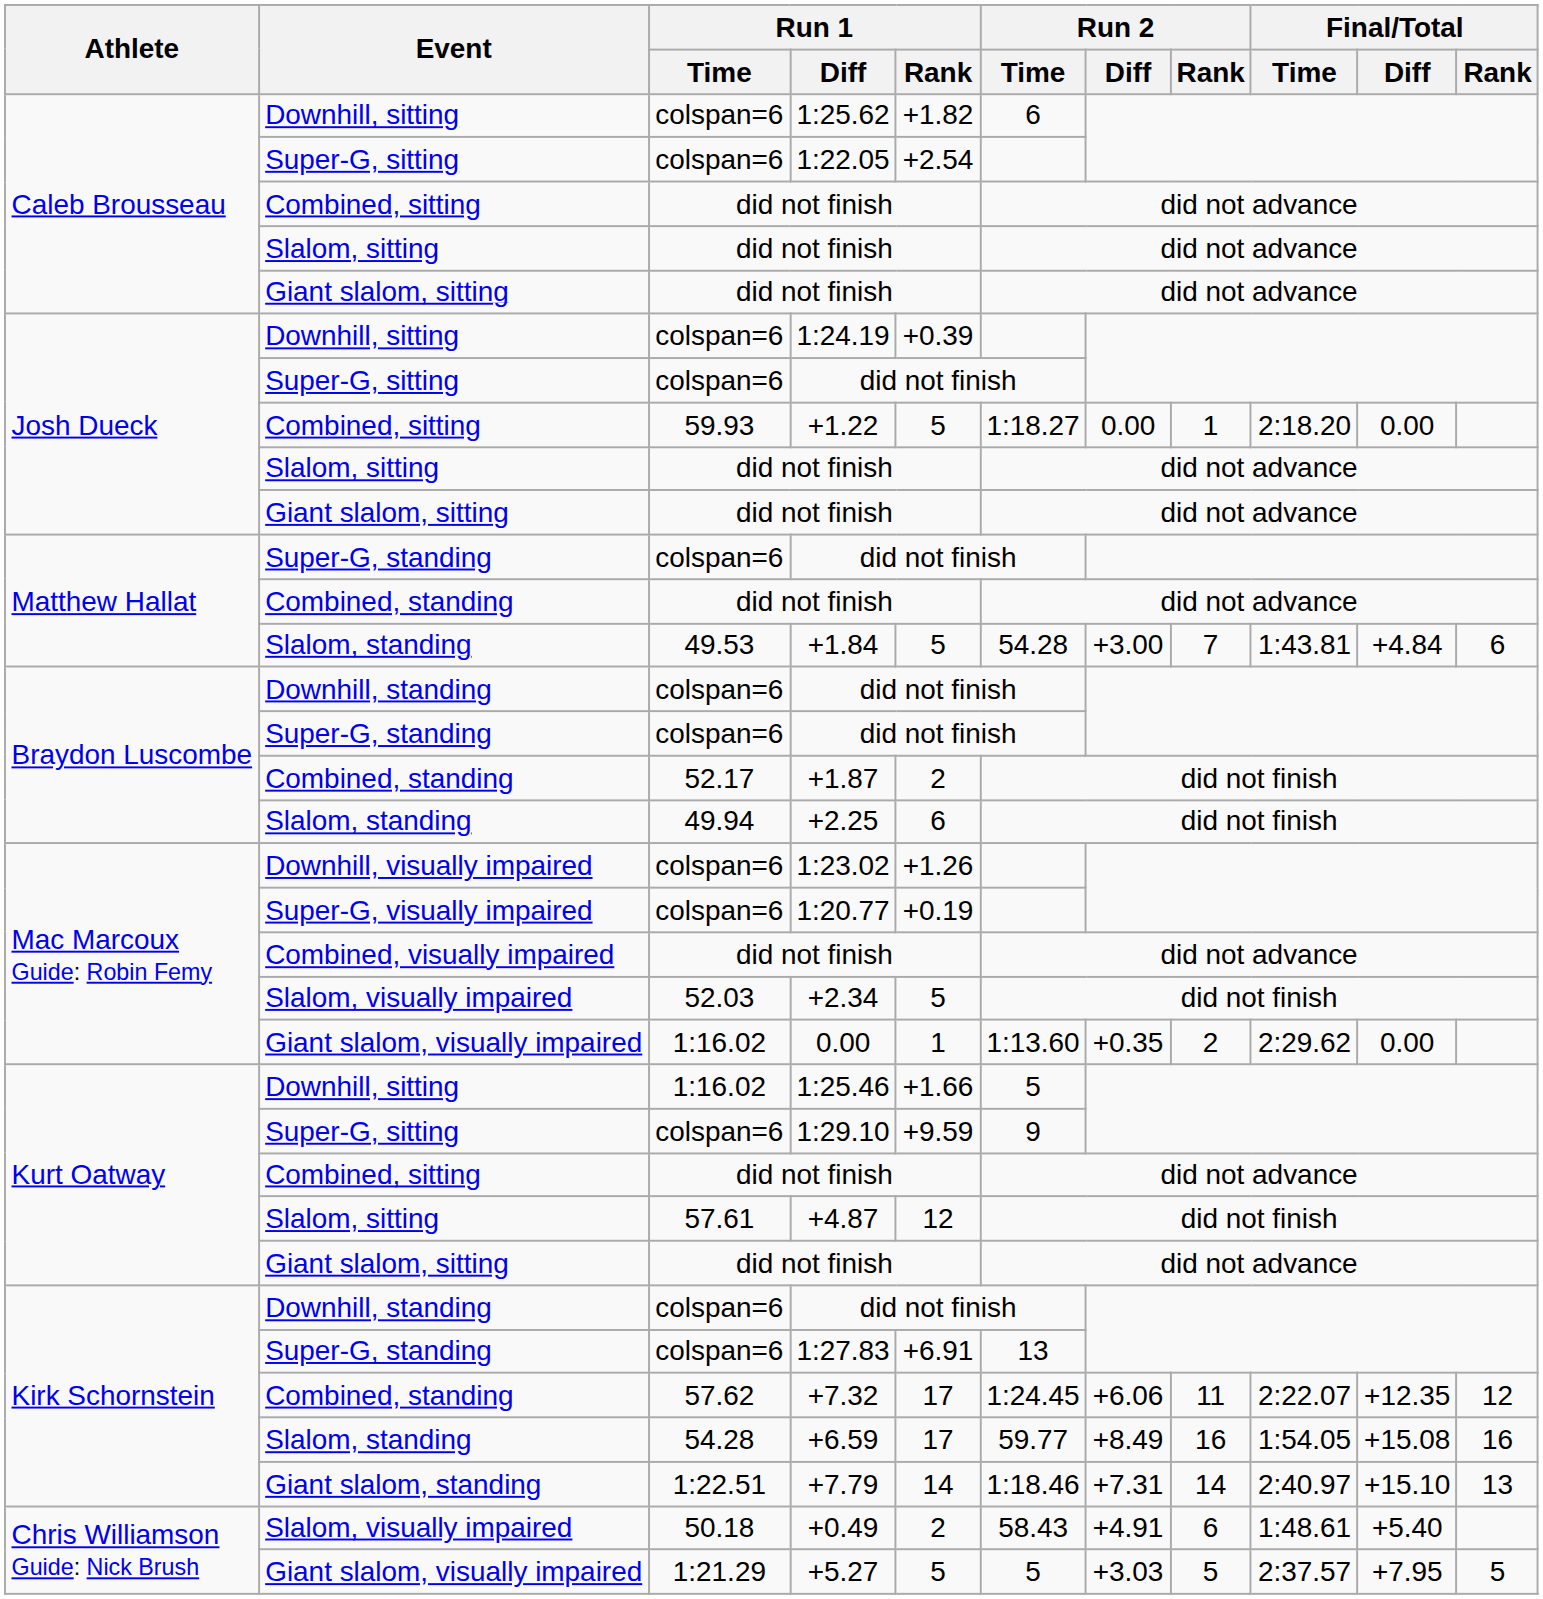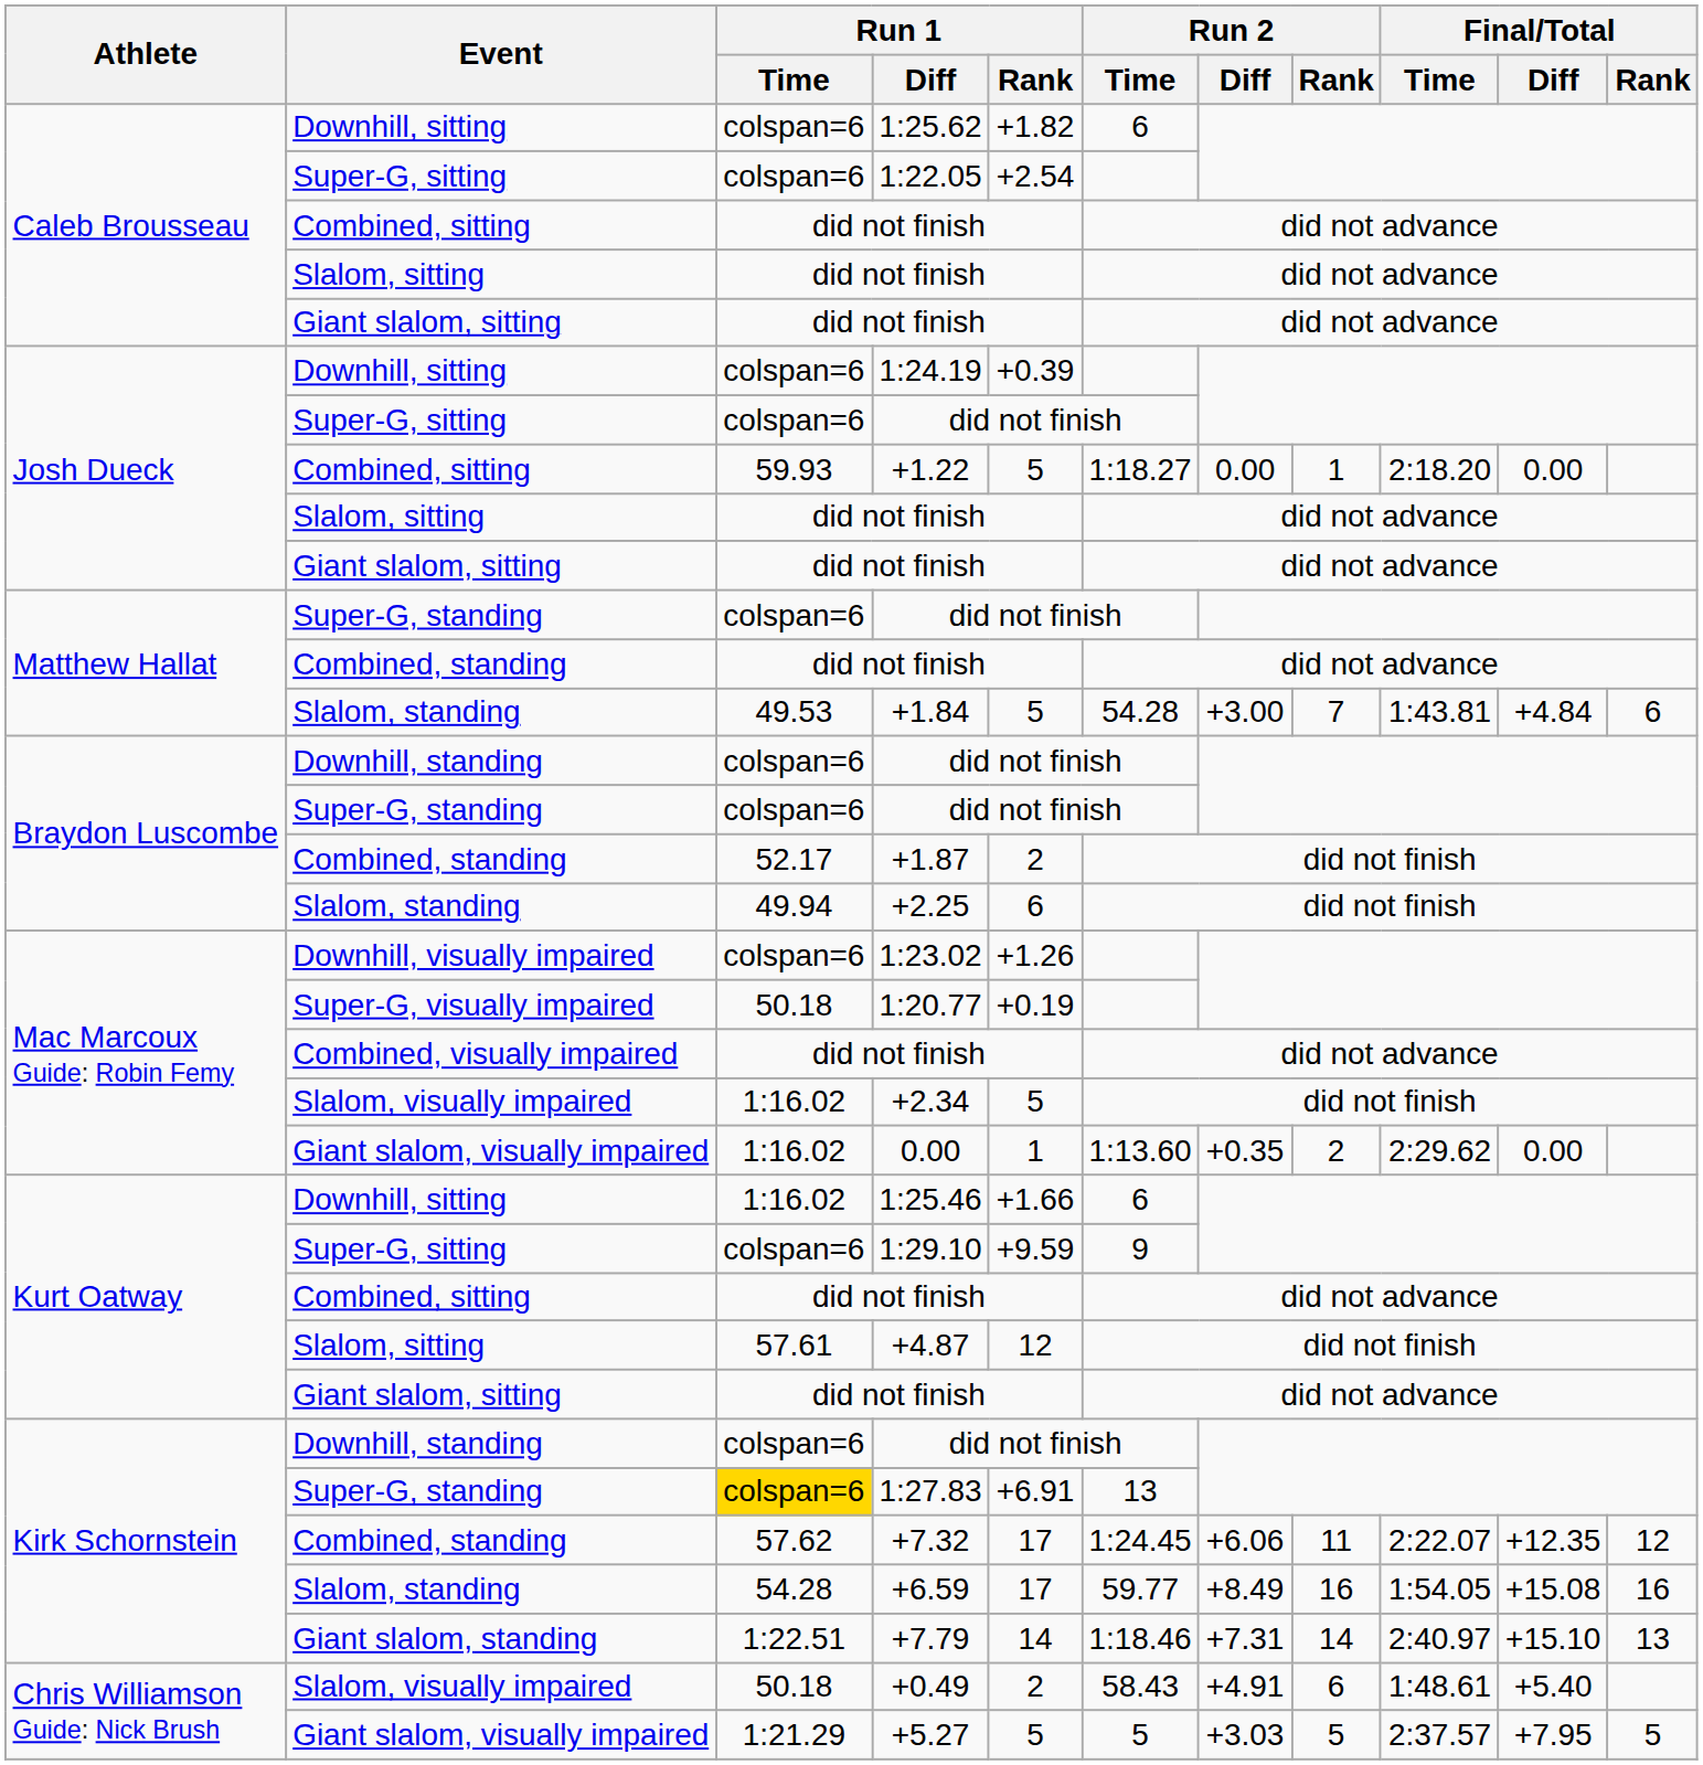 <table class="wikitable" style="font-size:90%">
 <tr>
 <th rowspan="2">Athlete</th>
 <th rowspan="2">Event</th>
 <th colspan="3">Run 1</th>
 <th colspan="3">Run 2</th>
 <th colspan="3">Final/Total</th>
 </tr>
 <tr>
 <th>Time</th>
 <th>Diff</th>
 <th>Rank</th>
 <th>Time</th>
 <th>Diff</th>
 <th>Rank</th>
 <th>Time</th>
 <th>Diff</th>
 <th>Rank</th>
 </tr>
 <tr>
 <td rowspan=5><a href='#'>Caleb Brousseau</a></td>
 <td><a href='#'>Downhill, sitting</a></td>
 <td>colspan=6 </td>
 <td align="center">1:25.62</td>
 <td align="center">+1.82</td>
 <td align="center">6</td>
 </tr>
 <tr>
 <td><a href='#'>Super-G, sitting</a></td>
 <td>colspan=6 </td>
 <td align="center">1:22.05</td>
 <td align="center">+2.54</td>
 <td align="center"></td>
 </tr>
 <tr>
 <td><a href='#'>Combined, sitting</a></td>
 <td colspan=3 align="center">did not finish</td>
 <td colspan=6 align="center">did not advance</td>
 </tr>
 <tr>
 <td><a href='#'>Slalom, sitting</a></td>
 <td colspan=3 align="center">did not finish</td>
 <td colspan=6 align="center">did not advance</td>
 </tr>
 <tr>
 <td><a href='#'>Giant slalom, sitting</a></td>
 <td colspan=3 align="center">did not finish</td>
 <td colspan=6 align="center">did not advance</td>
 </tr>
 <tr>
 <td rowspan=5><a href='#'>Josh Dueck</a></td>
 <td><a href='#'>Downhill, sitting</a></td>
 <td>colspan=6 </td>
 <td align="center">1:24.19</td>
 <td align="center">+0.39</td>
 <td align="center"></td>
 </tr>
 <tr>
 <td><a href='#'>Super-G, sitting</a></td>
 <td>colspan=6 </td>
 <td colspan=3 align="center">did not finish</td>
 </tr>
 <tr>
 <td><a href='#'>Combined, sitting</a></td>
 <td align="center">59.93</td>
 <td align="center">+1.22</td>
 <td align="center">5</td>
 <td align="center">1:18.27</td>
 <td align="center">0.00</td>
 <td align="center">1</td>
 <td align="center">2:18.20</td>
 <td align="center">0.00</td>
 <td align="center"></td>
 </tr>
 <tr>
 <td><a href='#'>Slalom, sitting</a></td>
 <td colspan=3 align="center">did not finish</td>
 <td colspan=6 align="center">did not advance</td>
 </tr>
 <tr>
 <td><a href='#'>Giant slalom, sitting</a></td>
 <td colspan=3 align="center">did not finish</td>
 <td colspan=6 align="center">did not advance</td>
 </tr>
 <tr>
 <td rowspan=3><a href='#'>Matthew Hallat</a></td>
 <td><a href='#'>Super-G, standing</a></td>
 <td>colspan=6 </td>
 <td colspan=3 align="center">did not finish</td>
 </tr>
 <tr>
 <td><a href='#'>Combined, standing</a></td>
 <td colspan=3 align="center">did not finish</td>
 <td colspan=6 align="center">did not advance</td>
 </tr>
 <tr>
 <td><a href='#'>Slalom, standing</a></td>
 <td align="center">49.53</td>
 <td align="center">+1.84</td>
 <td align="center">5</td>
 <td align="center">54.28</td>
 <td align="center">+3.00</td>
 <td align="center">7</td>
 <td align="center">1:43.81</td>
 <td align="center">+4.84</td>
 <td align="center">6</td>
 </tr>
 <tr>
 <td rowspan=4><a href='#'>Braydon Luscombe</a></td>
 <td><a href='#'>Downhill, standing</a></td>
 <td>colspan=6 </td>
 <td colspan=3 align="center">did not finish</td>
 </tr>
 <tr>
 <td><a href='#'>Super-G, standing</a></td>
 <td>colspan=6 </td>
 <td colspan=3 align="center">did not finish</td>
 </tr>
 <tr>
 <td><a href='#'>Combined, standing</a></td>
 <td align="center">52.17</td>
 <td align="center">+1.87</td>
 <td align="center">2</td>
 <td colspan=6 align="center">did not finish</td>
 </tr>
 <tr>
 <td><a href='#'>Slalom, standing</a></td>
 <td align="center">49.94</td>
 <td align="center">+2.25</td>
 <td align="center">6</td>
 <td colspan=6 align="center">did not finish</td>
 </tr>
 <tr>
 <td rowspan=5><a href='#'>Mac Marcoux</a><br><small><a href='#'>Guide</a>: <a href='#'>Robin Femy</a></small></td>
 <td><a href='#'>Downhill, visually impaired</a></td>
 <td>colspan=6 </td>
 <td align="center">1:23.02</td>
 <td align="center">+1.26</td>
 <td align="center"></td>
 </tr>
 <tr>
 <td><a href='#'>Super-G, visually impaired</a></td>
-<td>colspan=6 </td>
+<td align="center">50.18</td>
 <td align="center">1:20.77</td>
 <td align="center">+0.19</td>
 <td align="center"></td>
 </tr>
 <tr>
 <td><a href='#'>Combined, visually impaired</a></td>
 <td colspan=3 align="center">did not finish</td>
 <td colspan=6 align="center">did not advance</td>
 </tr>
 <tr>
 <td><a href='#'>Slalom, visually impaired</a></td>
-<td align="center">52.03</td>
+<td align="center">1:16.02</td>
 <td align="center">+2.34</td>
 <td align="center">5</td>
 <td colspan=6 align="center">did not finish</td>
 </tr>
 <tr>
 <td><a href='#'>Giant slalom, visually impaired</a></td>
 <td align="center">1:16.02</td>
 <td align="center">0.00</td>
 <td align="center">1</td>
 <td align="center">1:13.60</td>
 <td align="center">+0.35</td>
 <td align="center">2</td>
 <td align="center">2:29.62</td>
 <td align="center">0.00</td>
 <td align="center"></td>
 </tr>
 <tr>
 <td rowspan=5><a href='#'>Kurt Oatway</a></td>
 <td><a href='#'>Downhill, sitting</a></td>
 <td align="center">1:16.02</td>
 <td align="center">1:25.46</td>
 <td align="center">+1.66</td>
-<td align="center">5</td>
+<td align="center">6</td>
 </tr>
 <tr>
 <td><a href='#'>Super-G, sitting</a></td>
 <td>colspan=6 </td>
 <td align="center">1:29.10</td>
 <td align="center">+9.59</td>
 <td align="center">9</td>
 </tr>
 <tr>
 <td><a href='#'>Combined, sitting</a></td>
 <td colspan=3 align="center">did not finish</td>
 <td colspan=6 align="center">did not advance</td>
 </tr>
 <tr>
 <td><a href='#'>Slalom, sitting</a></td>
 <td align="center">57.61</td>
 <td align="center">+4.87</td>
 <td align="center">12</td>
 <td colspan=6 align="center">did not finish</td>
 </tr>
 <tr>
 <td><a href='#'>Giant slalom, sitting</a></td>
 <td colspan=3 align="center">did not finish</td>
 <td colspan=6 align="center">did not advance</td>
 </tr>
 <tr>
 <td rowspan=5><a href='#'>Kirk Schornstein</a></td>
 <td><a href='#'>Downhill, standing</a></td>
 <td>colspan=6 </td>
 <td colspan=3 align="center">did not finish</td>
 </tr>
 <tr>
 <td><a href='#'>Super-G, standing</a></td>
-<td>colspan=6 </td>
+<td style="background: gold;">colspan=6 </td>
 <td align="center">1:27.83</td>
 <td align="center">+6.91</td>
 <td align="center">13</td>
 </tr>
 <tr>
 <td><a href='#'>Combined, standing</a></td>
 <td align="center">57.62</td>
 <td align="center">+7.32</td>
 <td align="center">17</td>
 <td align="center">1:24.45</td>
 <td align="center">+6.06</td>
 <td align="center">11</td>
 <td align="center">2:22.07</td>
 <td align="center">+12.35</td>
 <td align="center">12</td>
 </tr>
 <tr>
 <td><a href='#'>Slalom, standing</a></td>
 <td align="center">54.28</td>
 <td align="center">+6.59</td>
 <td align="center">17</td>
 <td align="center">59.77</td>
 <td align="center">+8.49</td>
 <td align="center">16</td>
 <td align="center">1:54.05</td>
 <td align="center">+15.08</td>
 <td align="center">16</td>
 </tr>
 <tr>
 <td><a href='#'>Giant slalom, standing</a></td>
 <td align="center">1:22.51</td>
 <td align="center">+7.79</td>
 <td align="center">14</td>
 <td align="center">1:18.46</td>
 <td align="center">+7.31</td>
 <td align="center">14</td>
 <td align="center">2:40.97</td>
 <td align="center">+15.10</td>
 <td align="center">13</td>
 </tr>
 <tr>
 <td rowspan=2><a href='#'>Chris Williamson</a><br><small><a href='#'>Guide</a>: <a href='#'>Nick Brush</a></small></td>
 <td><a href='#'>Slalom, visually impaired</a></td>
 <td align="center">50.18</td>
 <td align="center">+0.49</td>
 <td align="center">2</td>
 <td align="center">58.43</td>
 <td align="center">+4.91</td>
 <td align="center">6</td>
 <td align="center">1:48.61</td>
 <td align="center">+5.40</td>
 <td align="center"></td>
 </tr>
 <tr>
 <td><a href='#'>Giant slalom, visually impaired</a></td>
 <td align="center">1:21.29</td>
 <td align="center">+5.27</td>
 <td align="center">5</td>
 <td align="center">5</td>
 <td align="center">+3.03</td>
 <td align="center">5</td>
 <td align="center">2:37.57</td>
 <td align="center">+7.95</td>
 <td align="center">5</td>
 </tr>
 </table>
